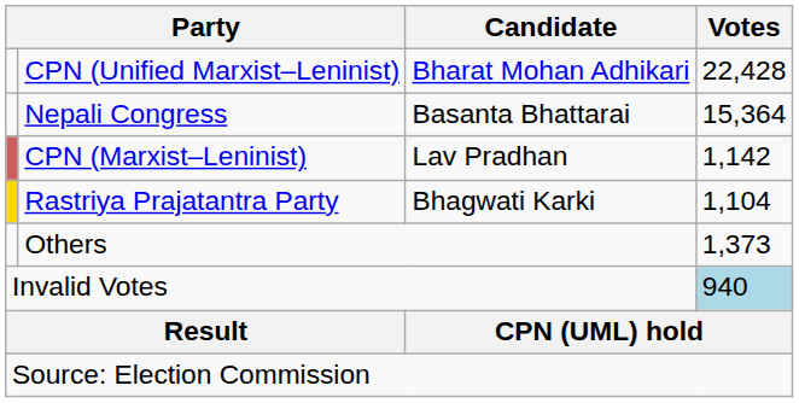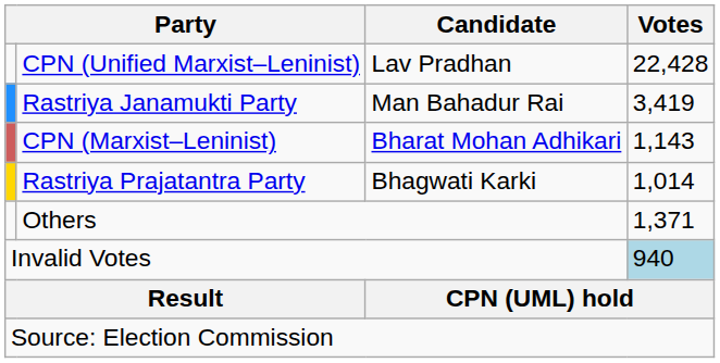 <table class="wikitable">
 <tr>
 <th colspan="2">Party</th>
 <th>Candidate</th>
 <th>Votes</th>
 </tr>
 <tr>
 <td style="background-color:"></td>
 <td><a href='#'>CPN (Unified Marxist–Leninist)</a></td>
-<td><a href='#'>Bharat Mohan Adhikari</a></td>
+<td>Lav Pradhan</td>
 <td>22,428</td>
 </tr>
 <tr>
-<td style="background-color:"></td>
-<td><a href='#'>Nepali Congress</a></td>
-<td>Basanta Bhattarai</td>
-<td>15,364</td>
+<td style="background-color:dodgerblue"></td>
+<td><a href='#'>Rastriya Janamukti Party</a></td>
+<td>Man Bahadur Rai</td>
+<td>3,419</td>
 </tr>
 <tr>
 <td style="background-color:indianred"></td>
 <td><a href='#'>CPN (Marxist–Leninist)</a></td>
-<td>Lav Pradhan</td>
-<td>1,142</td>
+<td><a href='#'>Bharat Mohan Adhikari</a></td>
+<td>1,143</td>
 </tr>
 <tr>
 <td style="background-color:gold"></td>
 <td><a href='#'>Rastriya Prajatantra Party</a></td>
 <td>Bhagwati Karki</td>
-<td>1,104</td>
+<td>1,014</td>
 </tr>
 <tr>
 <td></td>
 <td colspan="2">Others</td>
-<td>1,373</td>
+<td>1,371</td>
 </tr>
 <tr>
 <td colspan="3">Invalid Votes</td>
 <td style="background: lightblue;">940</td>
 </tr>
 <tr>
 <th colspan="2">Result</th>
 <th colspan="2">CPN (UML) hold</th>
 </tr>
 <tr>
 <td colspan="4">Source: Election Commission</td>
 </tr>
 </table>
